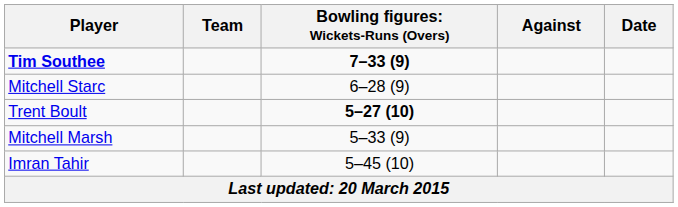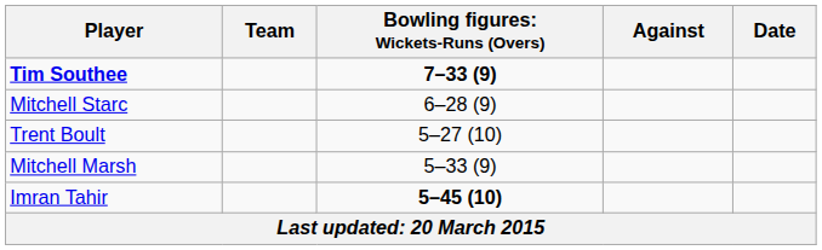 <table class="wikitable sortable" style="text-align:center" width="75%">
 <tr>
 <th class="unsortable">Player</th>
 <th>Team</th>
 <th BF>Bowling figures:<br><small>Wickets-Runs (Overs)</small></th>
 <th>Against</th>
 <th>Date</th>
 </tr>
 <tr>
 <td style="text-align:left"><strong><a href='#'>Tim Southee</a></strong></td>
 <td style="text-align:left"><strong></strong></td>
 <td><strong>7–33 (9)</strong></td>
 <td style="text-align:left"></td>
 <td></td>
 </tr>
 <tr>
 <td style="text-align:left"><a href='#'>Mitchell Starc</a></td>
 <td style="text-align:left"></td>
 <td>6–28 (9)</td>
 <td style="text-align:left"></td>
 <td></td>
 </tr>
 <tr>
 <td style="text-align:left"><a href='#'>Trent Boult</a></td>
 <td style="text-align:left"></td>
-<td><strong>5–27 (10)</strong></td>
+<td>5–27 (10)</td>
 <td style="text-align:left"></td>
 <td></td>
 </tr>
 <tr>
 <td style="text-align:left"><a href='#'>Mitchell Marsh</a></td>
 <td style="text-align:left"></td>
 <td>5–33 (9)</td>
 <td style="text-align:left"></td>
 <td></td>
 </tr>
 <tr>
 <td style="text-align:left"><a href='#'>Imran Tahir</a></td>
 <td style="text-align:left"></td>
-<td>5–45 (10)</td>
+<td><strong>5–45 (10)</strong></td>
 <td style="text-align:left"></td>
 <td></td>
 </tr>
 <tr>
 <th colspan=9><em>Last updated: 20 March 2015</em></th>
 </tr>
 </table>
